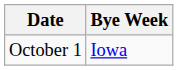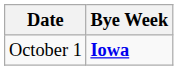 <table class="wikitable" style="font-size:95%;">
 <tr>
 <th>Date</th>
 <th colspan="1">Bye Week</th>
 </tr>
 <tr>
 <td>October 1</td>
-<td><a href='#'>Iowa</a></td>
+<td><strong><a href='#'>Iowa</a></strong></td>
 </tr>
 </table>
